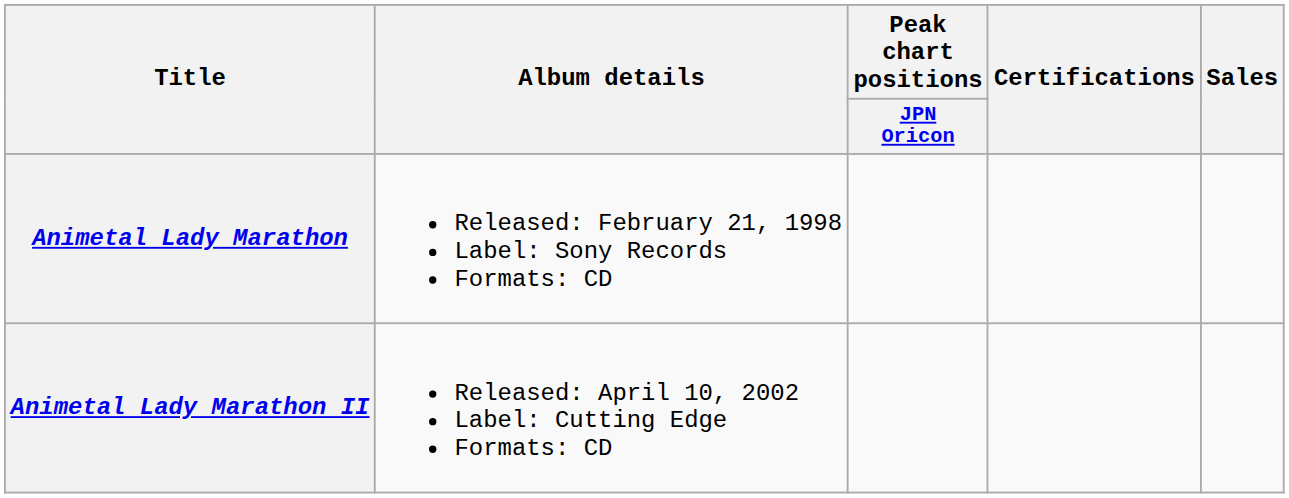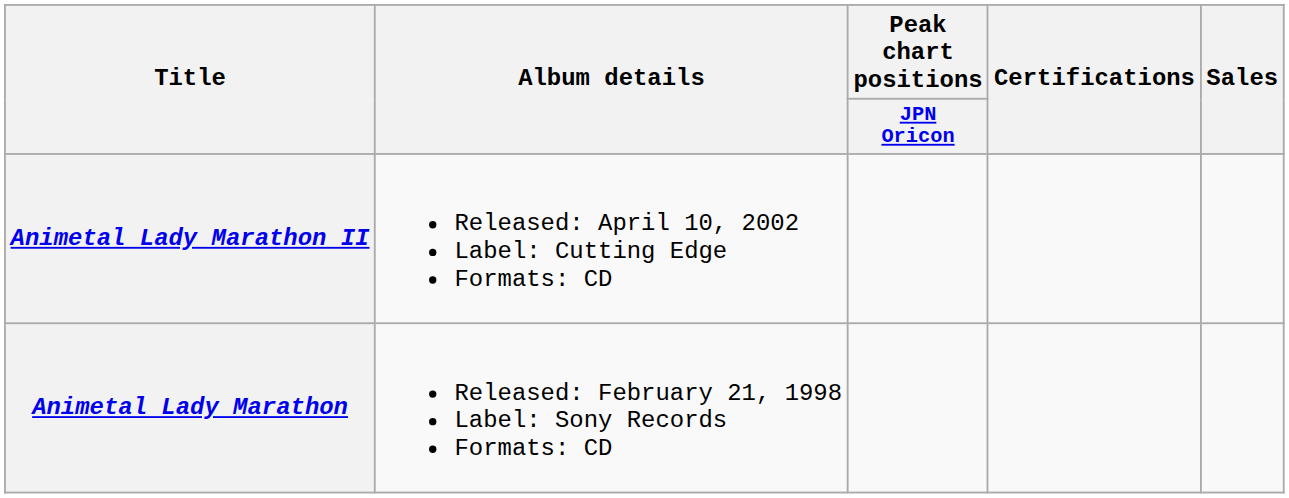 <table class="wikitable plainrowheaders">
 <tr>
 <th scope="col" rowspan="2">Title</th>
 <th scope="col" rowspan="2">Album details</th>
 <th scope="col">Peak chart positions</th>
 <th scope="col" rowspan="2">Certifications</th>
 <th scope="col" rowspan="2">Sales</th>
 </tr>
 <tr>
 <th scope="col" style="width:4em;font-size:85%"><a href='#'>JPN<br>Oricon</a><br></th>
 </tr>
 <tr>
+<th scope="row"><em><a href='#'>Animetal Lady Marathon II</a></em></th>
+<td><br><ul><li>Released: April 10, 2002</li><li>Label: Cutting Edge</li><li>Formats: CD</li></ul></td>
+<td align="center"></td>
+<td></td>
+<td></td>
+</tr>
+<tr>
 <th scope="row"><em><a href='#'>Animetal Lady Marathon</a></em></th>
 <td><br><ul><li>Released: February 21, 1998</li><li>Label: Sony Records</li><li>Formats: CD</li></ul></td>
 <td align="center"></td>
 <td></td>
 <td></td>
 </tr>
-<tr>
-<th scope="row"><em><a href='#'>Animetal Lady Marathon II</a></em></th>
-<td><br><ul><li>Released: April 10, 2002</li><li>Label: Cutting Edge</li><li>Formats: CD</li></ul></td>
-<td align="center"></td>
-<td></td>
-<td></td>
-</tr>
 </table>
